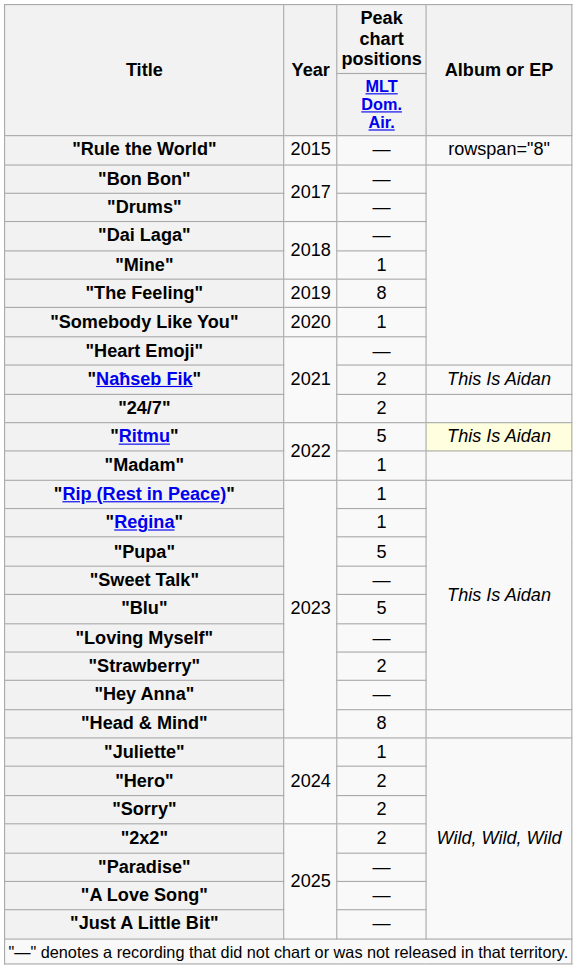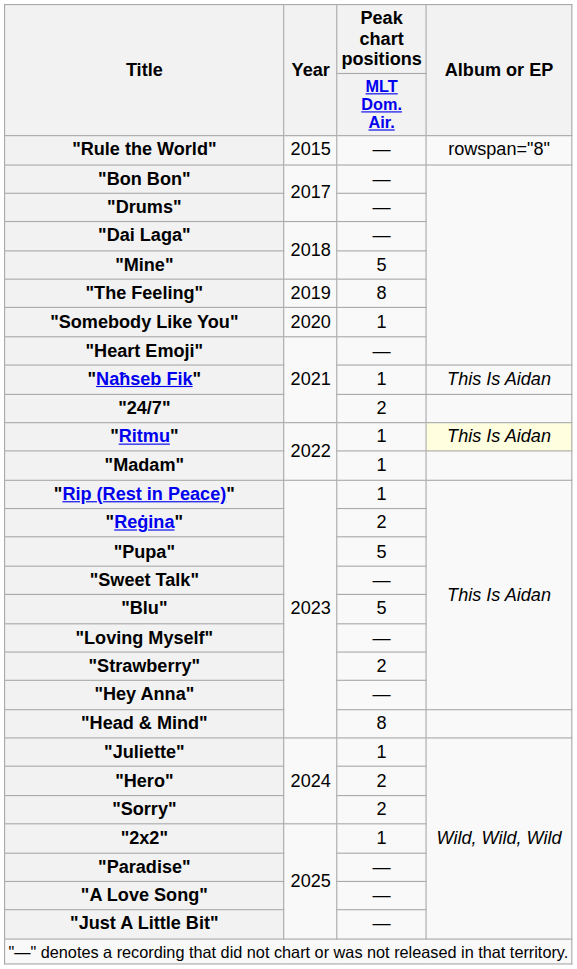 <table class="wikitable plainrowheaders" style="text-align:center;">
 <tr>
 <th scope="col" rowspan="2" style="width:15em;">Title</th>
 <th scope="col" rowspan="2">Year</th>
 <th scope="col" colspan="1">Peak chart positions</th>
 <th scope="col" rowspan="2">Album or EP</th>
 </tr>
 <tr>
 <th scope="col" style="width:2.5em;font-size:90%;"><a href='#'>MLT<br>Dom.<br>Air.</a><br></th>
 </tr>
 <tr>
 <th scope="row">"Rule the World"</th>
 <td>2015</td>
 <td>—</td>
 <td>rowspan="8" </td>
 </tr>
 <tr>
 <th scope="row">"Bon Bon"</th>
 <td rowspan="2">2017</td>
 <td>—</td>
 </tr>
 <tr>
 <th scope="row">"Drums"</th>
 <td>—</td>
 </tr>
 <tr>
 <th scope="row">"Dai Laga"</th>
 <td rowspan="2">2018</td>
 <td>—</td>
 </tr>
 <tr>
 <th scope="row">"Mine"</th>
-<td>1</td>
+<td>5</td>
 </tr>
 <tr>
 <th scope="row">"The Feeling"</th>
 <td>2019</td>
 <td>8</td>
 </tr>
 <tr>
 <th scope="row">"Somebody Like You"</th>
 <td>2020</td>
 <td>1</td>
 </tr>
 <tr>
 <th scope="row">"Heart Emoji"</th>
 <td rowspan="3">2021</td>
 <td>—</td>
 </tr>
 <tr>
 <th scope="row">"<a href='#'>Naħseb Fik</a>"</th>
-<td>2</td>
+<td>1</td>
 <td><em>This Is Aidan</em></td>
 </tr>
 <tr>
 <th scope="row">"24/7"<br></th>
 <td>2</td>
 <td></td>
 </tr>
 <tr>
 <th scope="row">"<a href='#'>Ritmu</a>"</th>
 <td rowspan="2">2022</td>
-<td>5</td>
+<td>1</td>
 <td style="background: lightyellow;"><em>This Is Aidan</em></td>
 </tr>
 <tr>
 <th scope="row">"Madam"</th>
 <td>1</td>
 <td></td>
 </tr>
 <tr>
 <th scope="row">"<a href='#'>Rip (Rest in Peace)</a>"<br></th>
 <td rowspan="9">2023</td>
 <td>1</td>
 <td rowspan="8"><em>This Is Aidan</em></td>
 </tr>
 <tr>
 <th scope="row">"<a href='#'>Reġina</a>"</th>
-<td>1</td>
+<td>2</td>
 </tr>
 <tr>
 <th scope="row">"Pupa"</th>
 <td>5</td>
 </tr>
 <tr>
 <th scope="row">"Sweet Talk"</th>
 <td>—</td>
 </tr>
 <tr>
 <th scope="row">"Blu"</th>
 <td>5</td>
 </tr>
 <tr>
 <th scope="row">"Loving Myself"</th>
 <td>—</td>
 </tr>
 <tr>
 <th scope="row">"Strawberry"</th>
 <td>2</td>
 </tr>
 <tr>
 <th scope="row">"Hey Anna"</th>
 <td>—</td>
 </tr>
 <tr>
 <th scope="row">"Head & Mind"<br></th>
 <td>8</td>
 <td></td>
 </tr>
 <tr>
 <th scope="row">"Juliette"</th>
 <td rowspan="3">2024</td>
 <td>1</td>
 <td rowspan="7"><em>Wild, Wild, Wild</em></td>
 </tr>
 <tr>
 <th scope="row">"Hero"</th>
 <td>2</td>
 </tr>
 <tr>
 <th scope="row">"Sorry"</th>
 <td>2</td>
 </tr>
 <tr>
 <th scope="row">"2x2"</th>
 <td rowspan="4">2025</td>
-<td>2</td>
+<td>1</td>
 </tr>
 <tr>
 <th scope="row">"Paradise"</th>
 <td>—</td>
 </tr>
 <tr>
 <th scope="row">"A Love Song"</th>
 <td>—</td>
 </tr>
 <tr>
 <th scope="row">"Just A Little Bit"</th>
 <td>—</td>
 </tr>
 <tr>
 <td colspan="4" style="font-size:90%">"—" denotes a recording that did not chart or was not released in that territory.</td>
 </tr>
 </table>
